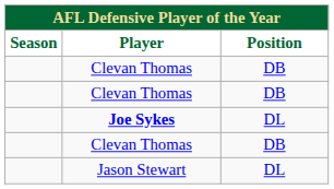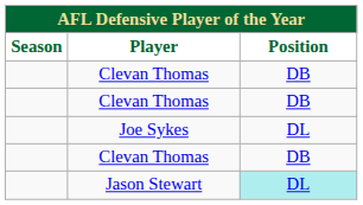 <table class="wikitable sortable" style="text-align:center">
 <tr>
 <td colspan="4" style="background:#063; color:	#ed9;"><strong>AFL Defensive Player of the Year</strong></td>
 </tr>
 <tr>
 <th style="width:50px; background:white; color:#063;">Season</th>
 <th style="width:150px; background:white; color:#063;">Player</th>
 <th style="width:100px; background:white; color:#063;">Position</th>
 </tr>
 <tr>
 <td></td>
 <td><a href='#'>Clevan Thomas</a></td>
 <td><a href='#'>DB</a></td>
 </tr>
 <tr>
 <td></td>
 <td><a href='#'>Clevan Thomas</a></td>
 <td><a href='#'>DB</a></td>
 </tr>
 <tr>
 <td></td>
-<td><strong><a href='#'>Joe Sykes</a></strong></td>
+<td><a href='#'>Joe Sykes</a></td>
 <td><a href='#'>DL</a></td>
 </tr>
 <tr>
 <td></td>
 <td><a href='#'>Clevan Thomas</a></td>
 <td><a href='#'>DB</a></td>
 </tr>
 <tr>
 <td></td>
 <td><a href='#'>Jason Stewart</a></td>
-<td><a href='#'>DL</a></td>
+<td style="background: paleturquoise;"><a href='#'>DL</a></td>
 </tr>
 </table>
